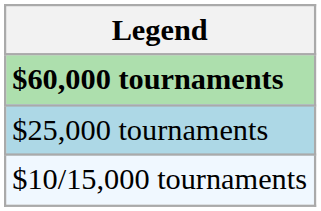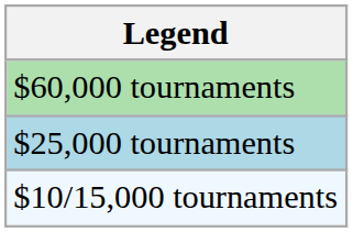 <table class="wikitable" style="font-size:85%;">
 <tr>
 <th>Legend</th>
 </tr>
 <tr style="background:#addfad;">
-<td><strong>$60,000 tournaments</strong></td>
+<td>$60,000 tournaments</td>
 </tr>
 <tr style="background:lightblue;">
 <td>$25,000 tournaments</td>
 </tr>
 <tr style="background:#f0f8ff;">
 <td>$10/15,000 tournaments</td>
 </tr>
 </table>
